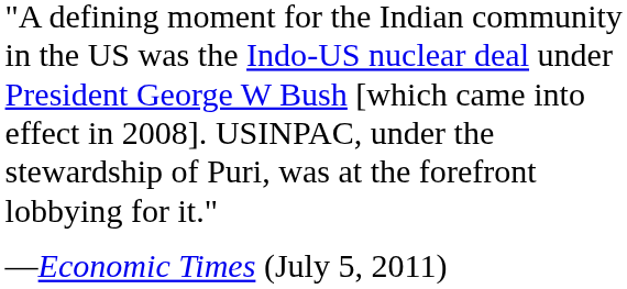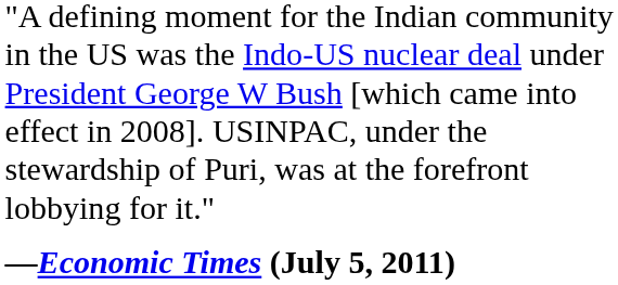 <table class="toccolours" style="float:right; margin-left:2em; margin-right:0; font-size:85%; background:offwhite; color:black; width:20em; max-width:40%;" cellspacing="5">
 <tr>
 <td style="text-align: left;">"A defining moment for the Indian community in the US was the <a href='#'>Indo-US nuclear deal</a> under <a href='#'>President George W Bush</a> [which came into effect in 2008]. USINPAC, under the stewardship of Puri, was at the forefront lobbying for it."</td>
 </tr>
 <tr>
-<td style="text-align: left;">—<em><a href='#'>Economic Times</a></em> (July 5, 2011)</td>
+<td style="text-align: left;"><strong>—<em><a href='#'>Economic Times</a></em> (July 5, 2011)</strong></td>
 </tr>
 </table>
